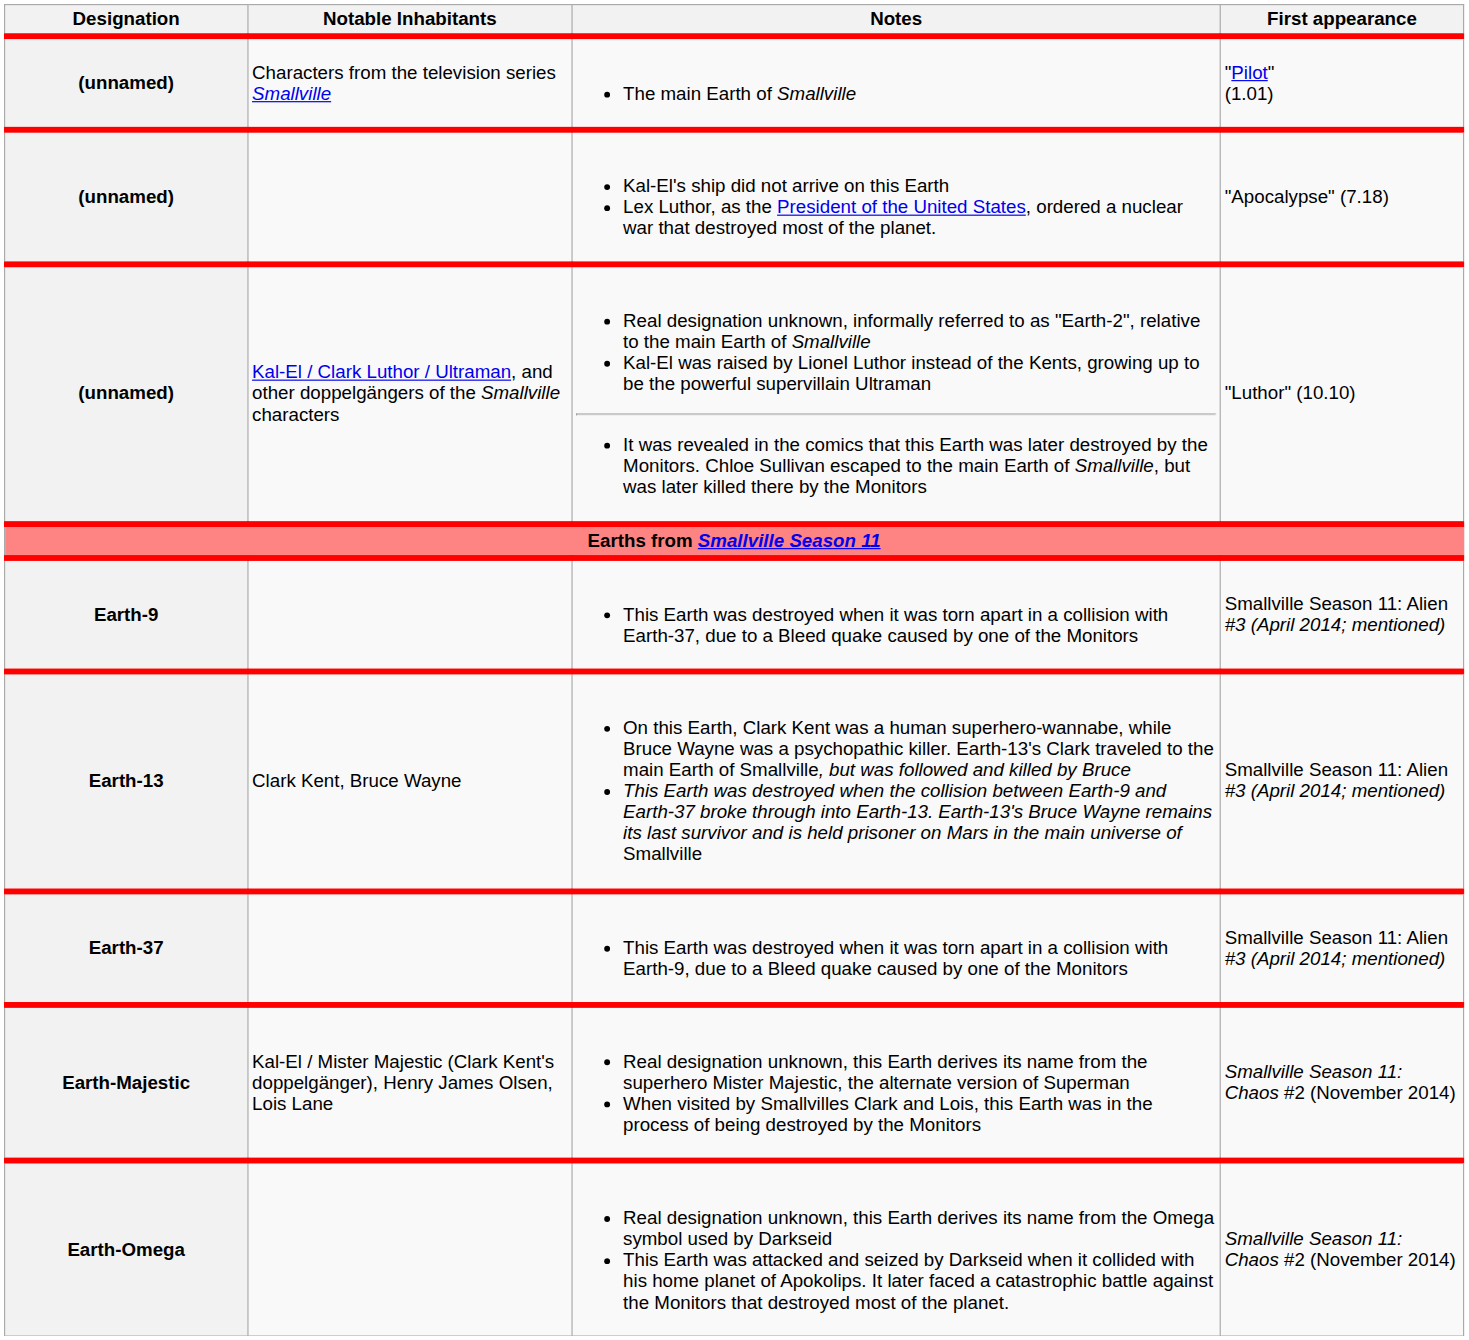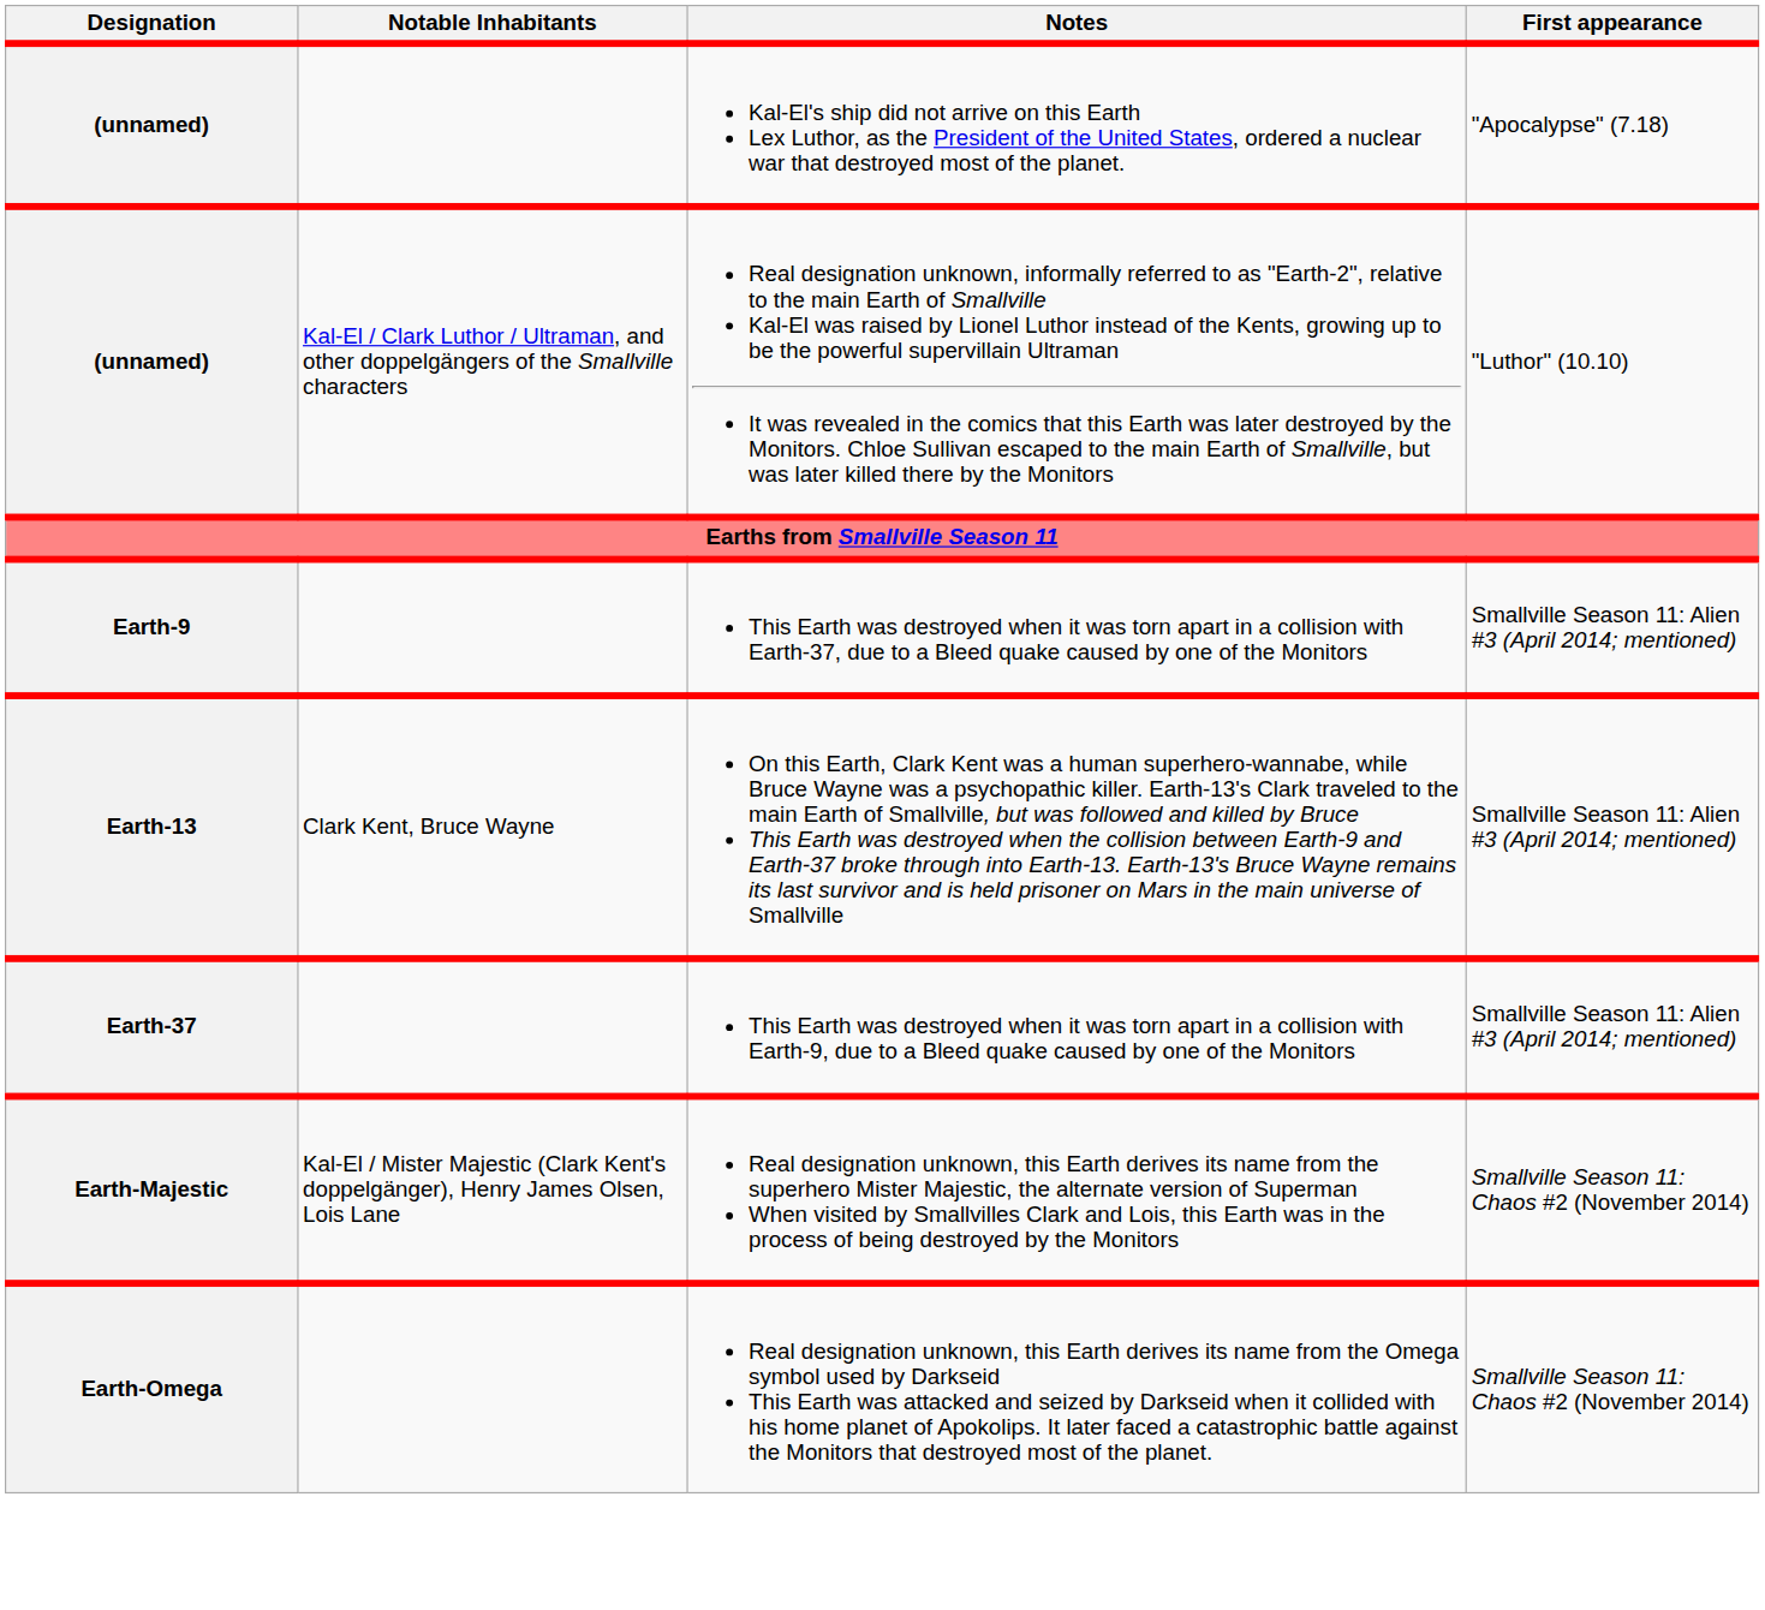 <table class="wikitable">
 <tr>
 <th scope="col" style="width:15%;">Designation</th>
 <th scope="col" style="width:20%;">Notable Inhabitants</th>
 <th scope="col" style="width:40%;">Notes</th>
 <th scope="col" style="width:15%;">First appearance</th>
-</tr>
-<tr style="border-top: solid thick red">
-<th scope="row">(unnamed)</th>
-<td>Characters from the television series <em><a href='#'>Smallville</a></em></td>
-<td><br><ul><li>The main Earth of <em>Smallville</em></li></ul></td>
-<td>"<a href='#'>Pilot</a>" <br> (1.01)</td>
 </tr>
 <tr style="border-top: solid thick red">
 <th scope="row">(unnamed)</th>
 <td></td>
 <td><br><ul><li>Kal-El's ship did not arrive on this Earth</li><li>Lex Luthor, as the <a href='#'>President of the United States</a>, ordered a nuclear war that destroyed most of the planet.</li></ul></td>
 <td>"Apocalypse" (7.18)</td>
 </tr>
 <tr style="border-top: solid thick red">
 <th scope="row">(unnamed)</th>
 <td><a href='#'>Kal-El / Clark Luthor / Ultraman</a>, and other doppelgängers of the <em>Smallville</em> characters</td>
 <td><br><ul><li>Real designation unknown, informally referred to as "Earth-2", relative to the main Earth of <em>Smallville</em></li><li>Kal-El was raised by Lionel Luthor instead of the Kents, growing up to be the powerful supervillain Ultraman</li></ul><hr><ul><li>It was revealed in the comics that this Earth was later destroyed by the Monitors. Chloe Sullivan escaped to the main Earth of <em>Smallville</em>, but was later killed there by the Monitors</li></ul></td>
 <td>"Luthor" (10.10)</td>
 </tr>
 <tr style="border-top: solid thick red">
 <td colspan="4" style="text-align:center; background:#fe8484;"><strong>Earths from <em><a href='#'>Smallville Season 11</a><strong><em></td>
 </tr>
 <tr style="border-top: solid thick red">
 <th scope="row">Earth-9</th>
 <td></td>
 <td><br><ul><li>This Earth was destroyed when it was torn apart in a collision with Earth-37, due to a Bleed quake caused by one of the Monitors</li></ul></td>
 <td></em>Smallville Season 11: Alien<em> #3 (April 2014; mentioned)</td>
 </tr>
 <tr style="border-top: solid thick red">
 <th scope="row">Earth-13</th>
 <td>Clark Kent, Bruce Wayne</td>
 <td><br><ul><li>On this Earth, Clark Kent was a human superhero-wannabe, while Bruce Wayne was a psychopathic killer. Earth-13's Clark traveled to the main Earth of </em>Smallville<em>, but was followed and killed by Bruce</li><li>This Earth was destroyed when the collision between Earth-9 and Earth-37 broke through into Earth-13. Earth-13's Bruce Wayne remains its last survivor and is held prisoner on Mars in the main universe of </em>Smallville<em></li></ul></td>
 <td></em>Smallville Season 11: Alien<em> #3 (April 2014; mentioned)</td>
 </tr>
 <tr style="border-top: solid thick red">
 <th scope="row">Earth-37</th>
 <td></td>
 <td><br><ul><li>This Earth was destroyed when it was torn apart in a collision with Earth-9, due to a Bleed quake caused by one of the Monitors</li></ul></td>
 <td></em>Smallville Season 11: Alien<em> #3 (April 2014; mentioned)</td>
 </tr>
 <tr style="border-top: solid thick red">
 <th scope="row">Earth-Majestic</th>
 <td>Kal-El / Mister Majestic (Clark Kent's doppelgänger), Henry James Olsen, Lois Lane</td>
 <td><br><ul><li>Real designation unknown, this Earth derives its name from the superhero Mister Majestic, the alternate version of Superman</li><li>When visited by </em>Smallville</strong>s Clark and Lois, this Earth was in the process of being destroyed by the Monitors</li></ul></td>
 <td><em>Smallville Season 11: Chaos</em> #2 (November 2014)</td>
 </tr>
 <tr style="border-top: solid thick red">
 <th scope="row">Earth-Omega</th>
 <td></td>
 <td><br><ul><li>Real designation unknown, this Earth derives its name from the Omega symbol used by Darkseid</li><li>This Earth was attacked and seized by Darkseid when it collided with his home planet of Apokolips. It later faced a catastrophic battle against the Monitors that destroyed most of the planet.</li></ul></td>
 <td><em>Smallville Season 11: Chaos</em> #2 (November 2014)</td>
 </tr>
 </table>
